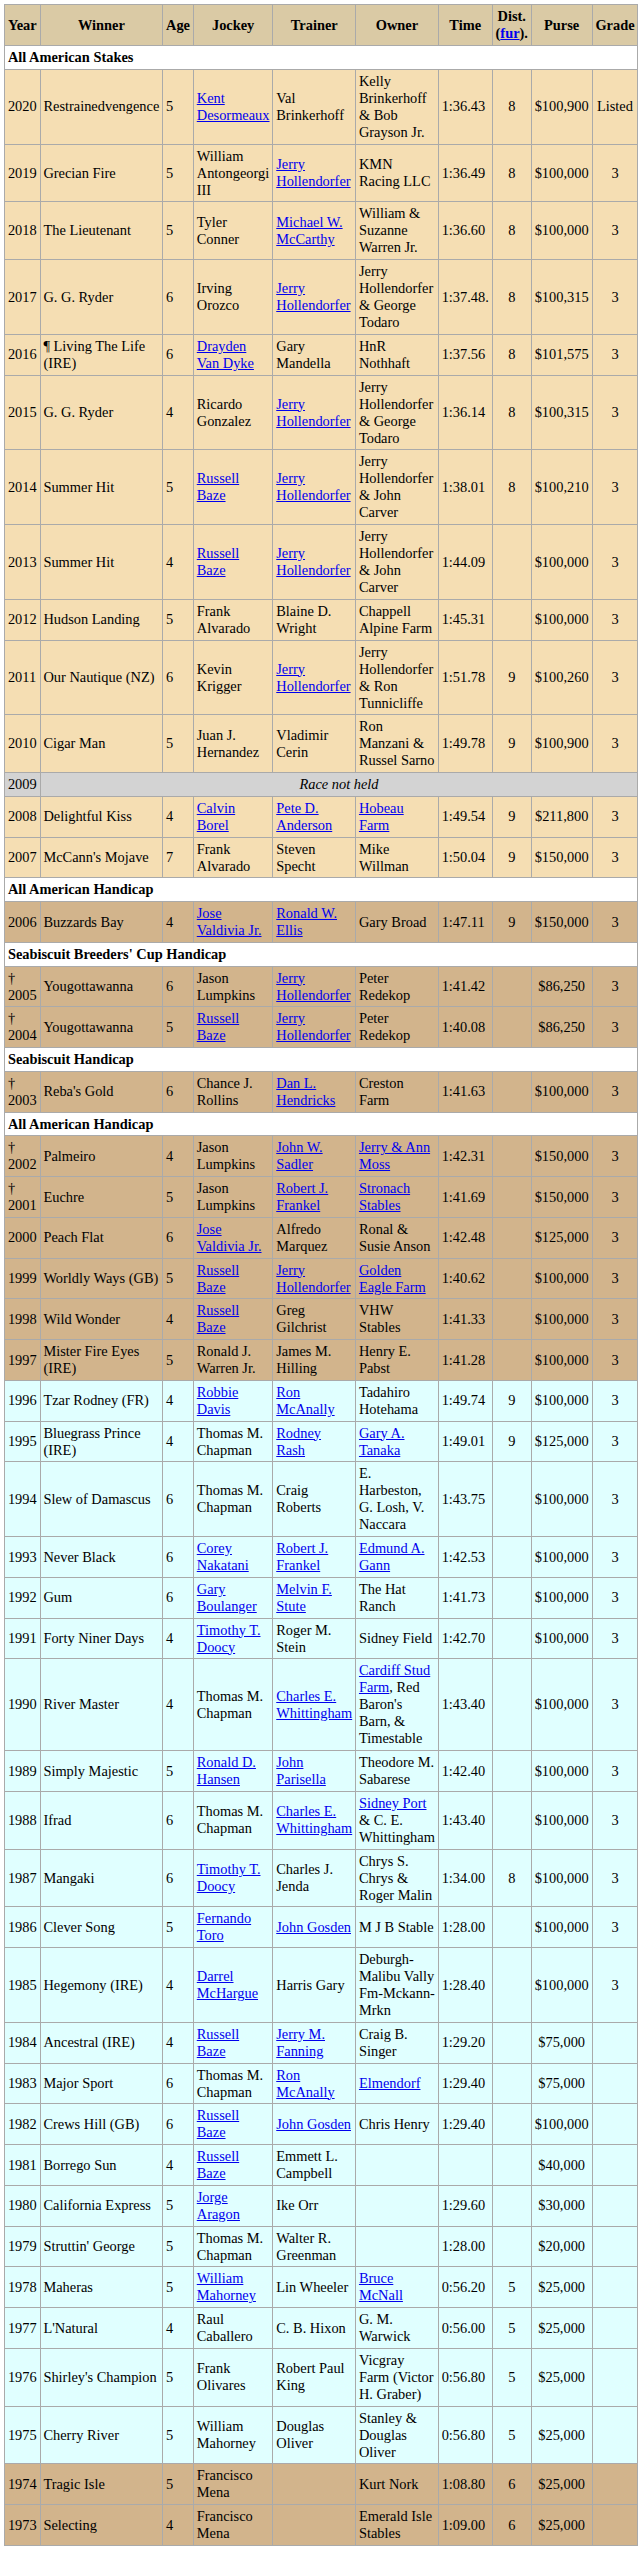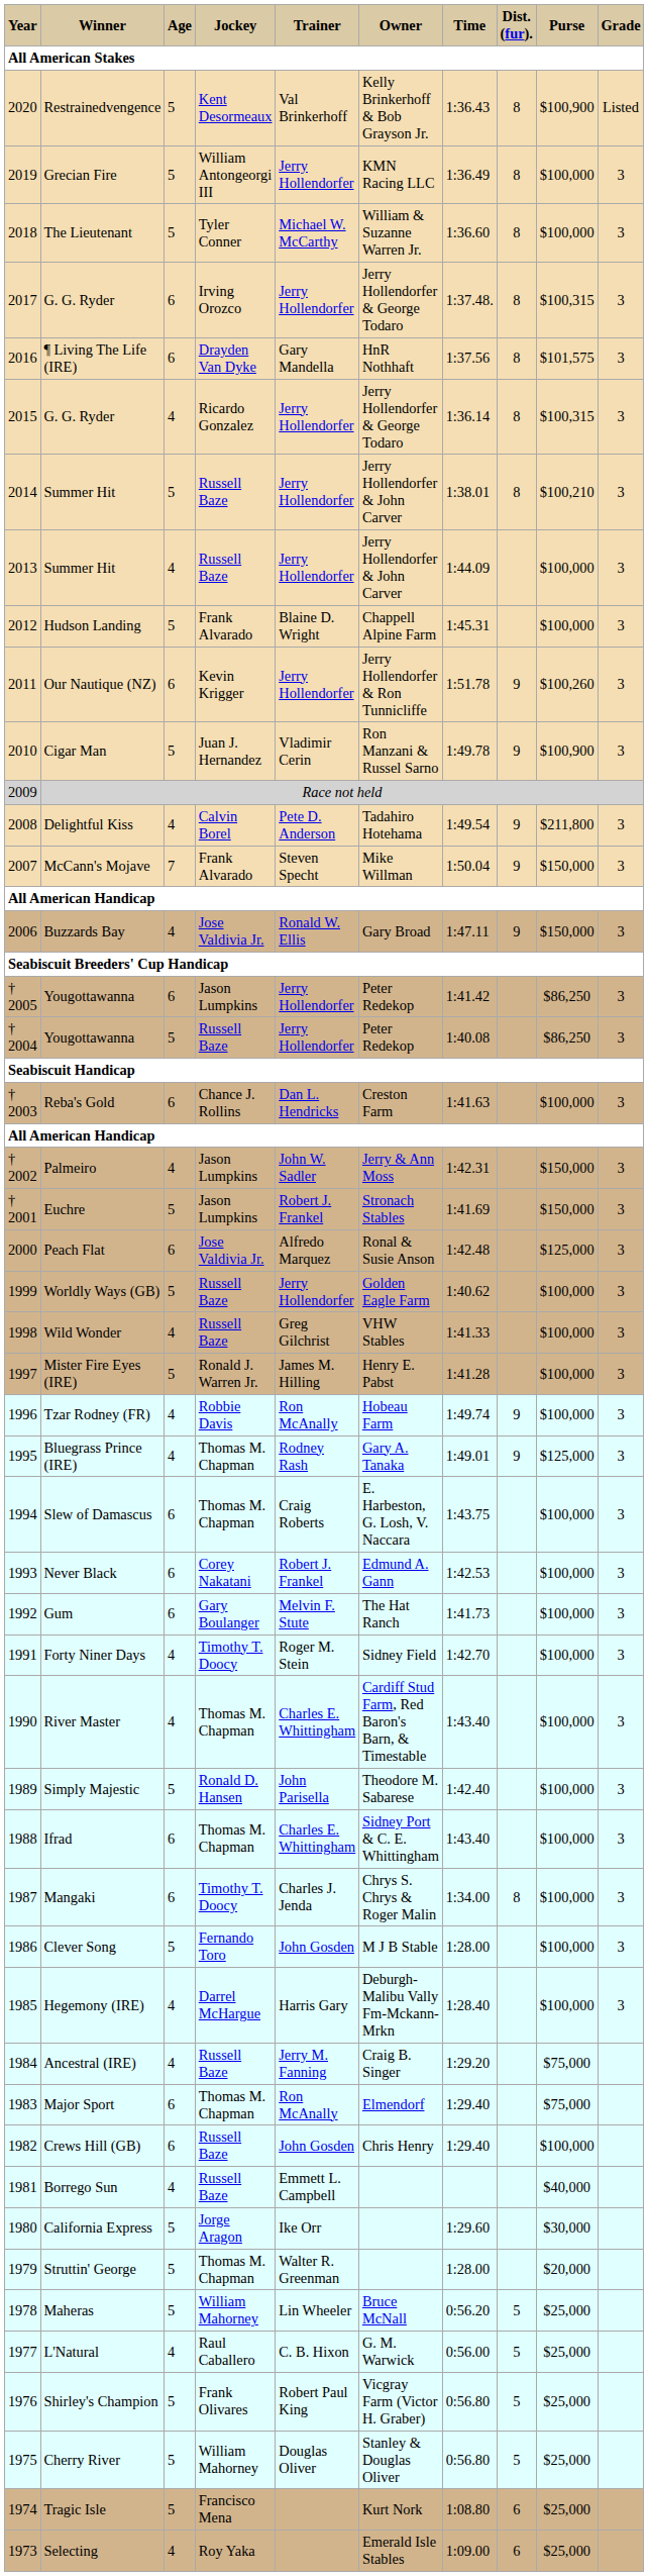 <table class="wikitable sortable" style="font-size:90%; background:White">
 <tr>
 <th style="background-color:#DACAA5; width:25px">Year<br></th>
 <th style="background-color:#DACAA5; width:125px">Winner<br></th>
 <th style="background-color:#DACAA5; width:20px">Age<br></th>
 <th style="background-color:#DACAA5; width:120px">Jockey<br></th>
 <th style="background-color:#DACAA5; width:120px">Trainer<br></th>
 <th style="background-color:#DACAA5;">Owner<br></th>
 <th style="background-color:#DACAA5; width:40px" align=center>Time<br></th>
 <th style="background-color:#DACAA5; width:35px">Dist.<br>(<a href='#'>fur</a>).</th>
 <th style="background-color:#DACAA5; width:45px">Purse<br></th>
 <th style="background-color:#DACAA5; width:30px">Grade <br></th>
 </tr>
 <tr bgcolor=white>
 <td align=left colspan=10><strong>All American Stakes</strong></td>
 </tr>
 <tr style="background: wheat;">
 <td>2020</td>
 <td>Restrainedvengence</td>
 <td>5</td>
 <td><a href='#'>Kent Desormeaux</a></td>
 <td>Val Brinkerhoff</td>
 <td>Kelly Brinkerhoff & Bob Grayson Jr.</td>
 <td>1:36.43</td>
 <td align=center>8</td>
 <td align=center>$100,900</td>
 <td align=center>Listed</td>
 </tr>
 <tr style="background: wheat;">
 <td>2019</td>
 <td>Grecian Fire</td>
 <td>5</td>
 <td>William Antongeorgi III</td>
 <td><a href='#'>Jerry Hollendorfer</a></td>
 <td>KMN Racing LLC</td>
 <td>1:36.49</td>
 <td align=center>8</td>
 <td align=center>$100,000</td>
 <td align=center>3</td>
 </tr>
 <tr style="background: wheat;">
 <td>2018</td>
 <td>The Lieutenant</td>
 <td>5</td>
 <td>Tyler Conner</td>
 <td><a href='#'>Michael W. McCarthy</a></td>
 <td>William & Suzanne Warren Jr.</td>
 <td>1:36.60</td>
 <td align=center>8</td>
 <td align=center>$100,000</td>
 <td align=center>3</td>
 </tr>
 <tr style="background: wheat;">
 <td>2017</td>
 <td>G. G. Ryder</td>
 <td>6</td>
 <td>Irving Orozco</td>
 <td><a href='#'>Jerry Hollendorfer</a></td>
 <td>Jerry Hollendorfer & George Todaro</td>
 <td>1:37.48.</td>
 <td align=center>8</td>
 <td align=center>$100,315</td>
 <td align=center>3</td>
 </tr>
 <tr style="background: wheat;">
 <td>2016</td>
 <td>¶ Living The Life (IRE)</td>
 <td>6</td>
 <td><a href='#'>Drayden Van Dyke</a></td>
 <td>Gary Mandella</td>
 <td>HnR Nothhaft</td>
 <td>1:37.56</td>
 <td align=center>8</td>
 <td align=center>$101,575</td>
 <td align=center>3</td>
 </tr>
 <tr style="background: wheat;">
 <td>2015</td>
 <td>G. G. Ryder</td>
 <td>4</td>
 <td>Ricardo Gonzalez</td>
 <td><a href='#'>Jerry Hollendorfer</a></td>
 <td>Jerry Hollendorfer & George Todaro</td>
 <td>1:36.14</td>
 <td align=center>8</td>
 <td align=center>$100,315</td>
 <td align=center>3</td>
 </tr>
 <tr style="background: wheat;">
 <td>2014</td>
 <td>Summer Hit</td>
 <td>5</td>
 <td><a href='#'>Russell Baze</a></td>
 <td><a href='#'>Jerry Hollendorfer</a></td>
 <td>Jerry Hollendorfer & John Carver</td>
 <td>1:38.01</td>
 <td align=center>8</td>
 <td align=center>$100,210</td>
 <td align=center>3</td>
 </tr>
 <tr style="background: wheat;">
 <td>2013</td>
 <td>Summer Hit</td>
 <td>4</td>
 <td><a href='#'>Russell Baze</a></td>
 <td><a href='#'>Jerry Hollendorfer</a></td>
 <td>Jerry Hollendorfer & John Carver</td>
 <td>1:44.09</td>
 <td align=center></td>
 <td align=center>$100,000</td>
 <td align=center>3</td>
 </tr>
 <tr style="background: wheat;">
 <td>2012</td>
 <td>Hudson Landing</td>
 <td>5</td>
 <td>Frank Alvarado</td>
 <td>Blaine D. Wright</td>
 <td>Chappell Alpine Farm</td>
 <td>1:45.31</td>
 <td align=center></td>
 <td align=center>$100,000</td>
 <td align=center>3</td>
 </tr>
 <tr style="background: wheat;">
 <td>2011</td>
 <td>Our Nautique (NZ)</td>
 <td>6</td>
 <td>Kevin Krigger</td>
 <td><a href='#'>Jerry Hollendorfer</a></td>
 <td>Jerry  Hollendorfer & Ron Tunnicliffe</td>
 <td>1:51.78</td>
 <td align=center>9</td>
 <td align=center>$100,260</td>
 <td align=center>3</td>
 </tr>
 <tr style="background: wheat;">
 <td>2010</td>
 <td>Cigar Man</td>
 <td>5</td>
 <td>Juan J. Hernandez</td>
 <td>Vladimir Cerin</td>
 <td>Ron Manzani & Russel Sarno</td>
 <td>1:49.78</td>
 <td align=center>9</td>
 <td align=center>$100,900</td>
 <td align=center>3</td>
 </tr>
 <tr bgcolor=lightgray>
 <td>2009</td>
 <td align=center colspan=9><em>Race not held</em></td>
 </tr>
 <tr style="background: wheat;">
 <td>2008</td>
 <td>Delightful Kiss</td>
 <td>4</td>
 <td><a href='#'>Calvin Borel</a></td>
 <td><a href='#'>Pete D. Anderson</a></td>
-<td><a href='#'>Hobeau Farm</a></td>
+<td>Tadahiro Hotehama</td>
 <td>1:49.54</td>
 <td align=center>9</td>
 <td align=center>$211,800</td>
 <td align=center>3</td>
 </tr>
 <tr style="background: wheat;">
 <td>2007</td>
 <td>McCann's Mojave</td>
 <td>7</td>
 <td>Frank Alvarado</td>
 <td>Steven Specht</td>
 <td>Mike Willman</td>
 <td>1:50.04</td>
 <td align=center>9</td>
 <td align=center>$150,000</td>
 <td align=center>3</td>
 </tr>
 <tr bgcolor=white>
 <td align=left colspan=10><strong>All American Handicap</strong></td>
 </tr>
 <tr bgcolor=tan>
 <td>2006</td>
 <td>Buzzards Bay</td>
 <td>4</td>
 <td><a href='#'>Jose Valdivia Jr.</a></td>
 <td><a href='#'>Ronald W. Ellis</a></td>
 <td>Gary Broad</td>
 <td>1:47.11</td>
 <td align=center>9</td>
 <td align=center>$150,000</td>
 <td align=center>3</td>
 </tr>
 <tr bgcolor=white>
 <td align=left colspan=10><strong>Seabiscuit Breeders' Cup Handicap</strong></td>
 </tr>
 <tr bgcolor=tan>
 <td>† 2005</td>
 <td>Yougottawanna</td>
 <td>6</td>
 <td>Jason Lumpkins</td>
 <td><a href='#'>Jerry Hollendorfer</a></td>
 <td>Peter Redekop</td>
 <td>1:41.42</td>
 <td align=center></td>
 <td align=center>$86,250</td>
 <td align=center>3</td>
 </tr>
 <tr bgcolor=tan>
 <td>† 2004</td>
 <td>Yougottawanna</td>
 <td>5</td>
 <td><a href='#'>Russell Baze</a></td>
 <td><a href='#'>Jerry Hollendorfer</a></td>
 <td>Peter Redekop</td>
 <td>1:40.08</td>
 <td align=center></td>
 <td align=center>$86,250</td>
 <td align=center>3</td>
 </tr>
 <tr bgcolor=white>
 <td align=left colspan=10><strong>Seabiscuit Handicap</strong></td>
 </tr>
 <tr bgcolor=tan>
 <td>† 2003</td>
 <td>Reba's Gold</td>
 <td>6</td>
 <td>Chance J. Rollins</td>
 <td><a href='#'>Dan L. Hendricks</a></td>
 <td>Creston Farm</td>
 <td>1:41.63</td>
 <td align=center></td>
 <td align=center>$100,000</td>
 <td align=center>3</td>
 </tr>
 <tr bgcolor=white>
 <td align=left colspan=10><strong>All American Handicap</strong></td>
 </tr>
 <tr bgcolor=tan>
 <td>† 2002</td>
 <td>Palmeiro</td>
 <td>4</td>
 <td>Jason Lumpkins</td>
 <td><a href='#'>John W. Sadler</a></td>
 <td><a href='#'>Jerry & Ann Moss</a></td>
 <td>1:42.31</td>
 <td align=center></td>
 <td align=center>$150,000</td>
 <td align=center>3</td>
 </tr>
 <tr bgcolor=tan>
 <td>† 2001</td>
 <td>Euchre</td>
 <td>5</td>
 <td>Jason Lumpkins</td>
 <td><a href='#'>Robert J. Frankel</a></td>
 <td><a href='#'>Stronach Stables</a></td>
 <td>1:41.69</td>
 <td align=center></td>
 <td align=center>$150,000</td>
 <td align=center>3</td>
 </tr>
 <tr bgcolor=tan>
 <td>2000</td>
 <td>Peach Flat</td>
 <td>6</td>
 <td><a href='#'>Jose Valdivia Jr.</a></td>
 <td>Alfredo Marquez</td>
 <td>Ronal & Susie Anson</td>
 <td>1:42.48</td>
 <td align=center></td>
 <td align=center>$125,000</td>
 <td align=center>3</td>
 </tr>
 <tr bgcolor=tan>
 <td>1999</td>
 <td>Worldly Ways (GB)</td>
 <td>5</td>
 <td><a href='#'>Russell Baze</a></td>
 <td><a href='#'>Jerry Hollendorfer</a></td>
 <td><a href='#'>Golden Eagle Farm</a></td>
 <td>1:40.62</td>
 <td align=center></td>
 <td align=center>$100,000</td>
 <td align=center>3</td>
 </tr>
 <tr bgcolor=tan>
 <td>1998</td>
 <td>Wild Wonder</td>
 <td>4</td>
 <td><a href='#'>Russell Baze</a></td>
 <td>Greg Gilchrist</td>
 <td>VHW Stables</td>
 <td>1:41.33</td>
 <td align=center></td>
 <td align=center>$100,000</td>
 <td align=center>3</td>
 </tr>
 <tr bgcolor=tan>
 <td>1997</td>
 <td>Mister Fire Eyes (IRE)</td>
 <td>5</td>
 <td>Ronald J. Warren Jr.</td>
 <td>James M. Hilling</td>
 <td>Henry E. Pabst</td>
 <td>1:41.28</td>
 <td align=center></td>
 <td align=center>$100,000</td>
 <td align=center>3</td>
 </tr>
 <tr bgcolor=LightCyan>
 <td>1996</td>
 <td>Tzar Rodney (FR)</td>
 <td>4</td>
 <td><a href='#'>Robbie Davis</a></td>
 <td><a href='#'>Ron McAnally</a></td>
-<td>Tadahiro Hotehama</td>
+<td><a href='#'>Hobeau Farm</a></td>
 <td>1:49.74</td>
 <td align=center>9</td>
 <td align=center>$100,000</td>
 <td align=center>3</td>
 </tr>
 <tr bgcolor=LightCyan>
 <td>1995</td>
 <td>Bluegrass Prince (IRE)</td>
 <td>4</td>
 <td>Thomas M. Chapman</td>
 <td><a href='#'>Rodney Rash</a></td>
 <td><a href='#'>Gary A. Tanaka</a></td>
 <td>1:49.01</td>
 <td align=center>9</td>
 <td align=center>$125,000</td>
 <td align=center>3</td>
 </tr>
 <tr bgcolor=LightCyan>
 <td>1994</td>
 <td>Slew of Damascus</td>
 <td>6</td>
 <td>Thomas M. Chapman</td>
 <td>Craig Roberts</td>
 <td>E. Harbeston, G. Losh, V. Naccara</td>
 <td>1:43.75</td>
 <td align=center></td>
 <td align=center>$100,000</td>
 <td align=center>3</td>
 </tr>
 <tr bgcolor=LightCyan>
 <td>1993</td>
 <td>Never Black</td>
 <td>6</td>
 <td><a href='#'>Corey Nakatani</a></td>
 <td><a href='#'>Robert J. Frankel</a></td>
 <td><a href='#'>Edmund A. Gann</a></td>
 <td>1:42.53</td>
 <td align=center></td>
 <td align=center>$100,000</td>
 <td align=center>3</td>
 </tr>
 <tr bgcolor=LightCyan>
 <td>1992</td>
 <td>Gum</td>
 <td>6</td>
 <td><a href='#'>Gary Boulanger</a></td>
 <td><a href='#'>Melvin F. Stute</a></td>
 <td>The Hat Ranch</td>
 <td>1:41.73</td>
 <td align=center></td>
 <td align=center>$100,000</td>
 <td align=center>3</td>
 </tr>
 <tr bgcolor=LightCyan>
 <td>1991</td>
 <td>Forty Niner Days</td>
 <td>4</td>
 <td><a href='#'>Timothy T. Doocy</a></td>
 <td>Roger M. Stein</td>
 <td>Sidney Field</td>
 <td>1:42.70</td>
 <td align=center></td>
 <td align=center>$100,000</td>
 <td align=center>3</td>
 </tr>
 <tr bgcolor=LightCyan>
 <td>1990</td>
 <td>River Master</td>
 <td>4</td>
 <td>Thomas M. Chapman</td>
 <td><a href='#'>Charles E. Whittingham</a></td>
 <td><a href='#'>Cardiff Stud Farm</a>, Red Baron's Barn, & Timestable</td>
 <td>1:43.40</td>
 <td align=center></td>
 <td align=center>$100,000</td>
 <td align=center>3</td>
 </tr>
 <tr bgcolor=LightCyan>
 <td>1989</td>
 <td>Simply Majestic</td>
 <td>5</td>
 <td><a href='#'>Ronald D. Hansen</a></td>
 <td><a href='#'>John Parisella</a></td>
 <td>Theodore M. Sabarese</td>
 <td>1:42.40</td>
 <td align=center></td>
 <td align=center>$100,000</td>
 <td align=center>3</td>
 </tr>
 <tr bgcolor=LightCyan>
 <td>1988</td>
 <td>Ifrad</td>
 <td>6</td>
 <td>Thomas M. Chapman</td>
 <td><a href='#'>Charles E. Whittingham </a></td>
 <td><a href='#'>Sidney Port</a> & C. E. Whittingham</td>
 <td>1:43.40</td>
 <td align=center></td>
 <td align=center>$100,000</td>
 <td align=center>3</td>
 </tr>
 <tr bgcolor=LightCyan>
 <td>1987</td>
 <td>Mangaki</td>
 <td>6</td>
 <td><a href='#'>Timothy T. Doocy</a></td>
 <td>Charles J. Jenda</td>
 <td>Chrys S. Chrys & Roger Malin</td>
 <td>1:34.00</td>
 <td align=center>8</td>
 <td align=center>$100,000</td>
 <td align=center>3</td>
 </tr>
 <tr bgcolor=LightCyan>
 <td>1986</td>
 <td>Clever Song</td>
 <td>5</td>
 <td><a href='#'>Fernando Toro</a></td>
 <td><a href='#'>John Gosden</a></td>
 <td>M J B Stable</td>
 <td>1:28.00</td>
 <td align=center></td>
 <td align=center>$100,000</td>
 <td align=center>3</td>
 </tr>
 <tr bgcolor=LightCyan>
 <td>1985</td>
 <td>Hegemony (IRE)</td>
 <td>4</td>
 <td><a href='#'>Darrel McHargue</a></td>
 <td>Harris Gary</td>
 <td>Deburgh-Malibu Vally Fm-Mckann-Mrkn</td>
 <td>1:28.40</td>
 <td align=center></td>
 <td align=center>$100,000</td>
 <td align=center>3</td>
 </tr>
 <tr bgcolor=LightCyan>
 <td>1984</td>
 <td>Ancestral (IRE)</td>
 <td>4</td>
 <td><a href='#'>Russell Baze</a></td>
 <td><a href='#'>Jerry M. Fanning</a></td>
 <td>Craig B. Singer</td>
 <td>1:29.20</td>
 <td align=center></td>
 <td align=center>$75,000</td>
 <td align=center></td>
 </tr>
 <tr bgcolor=LightCyan>
 <td>1983</td>
 <td>Major Sport</td>
 <td>6</td>
 <td>Thomas M. Chapman</td>
 <td><a href='#'>Ron McAnally</a></td>
 <td><a href='#'>Elmendorf</a></td>
 <td>1:29.40</td>
 <td align=center></td>
 <td align=center>$75,000</td>
 <td align=center></td>
 </tr>
 <tr bgcolor=LightCyan>
 <td>1982</td>
 <td>Crews Hill (GB)</td>
 <td>6</td>
 <td><a href='#'>Russell Baze</a></td>
 <td><a href='#'>John Gosden</a></td>
 <td>Chris Henry</td>
 <td>1:29.40</td>
 <td align=center></td>
 <td align=center>$100,000</td>
 <td align=center></td>
 </tr>
 <tr bgcolor=LightCyan>
 <td>1981</td>
 <td>Borrego Sun</td>
 <td>4</td>
 <td><a href='#'>Russell Baze</a></td>
 <td>Emmett L. Campbell</td>
 <td></td>
 <td></td>
 <td align=center></td>
 <td align=center>$40,000</td>
 <td align=center></td>
 </tr>
 <tr bgcolor=LightCyan>
 <td>1980</td>
 <td>California Express</td>
 <td>5</td>
 <td><a href='#'>Jorge Aragon</a></td>
 <td>Ike Orr</td>
 <td></td>
 <td>1:29.60</td>
 <td align=center></td>
 <td align=center>$30,000</td>
 <td align=center></td>
 </tr>
 <tr bgcolor=LightCyan>
 <td>1979</td>
 <td>Struttin' George</td>
 <td>5</td>
 <td>Thomas M. Chapman</td>
 <td>Walter R. Greenman</td>
 <td></td>
 <td>1:28.00</td>
 <td align=center></td>
 <td align=center>$20,000</td>
 <td align=center></td>
 </tr>
 <tr bgcolor=LightCyan>
 <td>1978</td>
 <td>Maheras</td>
 <td>5</td>
 <td><a href='#'>William Mahorney</a></td>
 <td>Lin Wheeler</td>
 <td><a href='#'>Bruce McNall</a></td>
 <td>0:56.20</td>
 <td align=center>5</td>
 <td align=center>$25,000</td>
 <td align=center></td>
 </tr>
 <tr bgcolor=LightCyan>
 <td>1977</td>
 <td>L'Natural</td>
 <td>4</td>
 <td>Raul Caballero</td>
 <td>C. B. Hixon</td>
 <td>G. M. Warwick</td>
 <td>0:56.00</td>
 <td align=center>5</td>
 <td align=center>$25,000</td>
 <td align=center></td>
 </tr>
 <tr bgcolor=LightCyan>
 <td>1976</td>
 <td>Shirley's Champion</td>
 <td>5</td>
 <td>Frank Olivares</td>
 <td>Robert Paul King</td>
 <td>Vicgray Farm (Victor H. Graber)</td>
 <td>0:56.80</td>
 <td align=center>5</td>
 <td align=center>$25,000</td>
 <td align=center></td>
 </tr>
 <tr bgcolor=LightCyan>
 <td>1975</td>
 <td>Cherry River</td>
 <td>5</td>
 <td>William Mahorney</td>
 <td>Douglas Oliver</td>
 <td>Stanley & Douglas Oliver</td>
 <td>0:56.80</td>
 <td align=center>5</td>
 <td align=center>$25,000</td>
 <td align=center></td>
 </tr>
 <tr bgcolor=Tan>
 <td>1974</td>
 <td>Tragic Isle</td>
 <td>5</td>
 <td>Francisco Mena</td>
 <td></td>
 <td>Kurt Nork</td>
 <td>1:08.80</td>
 <td align=center>6</td>
 <td align=center>$25,000</td>
 <td align=center></td>
 </tr>
 <tr bgcolor=Tan>
 <td>1973</td>
 <td>Selecting</td>
 <td>4</td>
-<td>Francisco Mena</td>
+<td>Roy Yaka</td>
 <td></td>
 <td>Emerald Isle Stables</td>
 <td>1:09.00</td>
 <td align=center>6</td>
 <td align=center>$25,000</td>
 <td align=center></td>
 </tr>
 <tr>
 </tr>
 </table>
